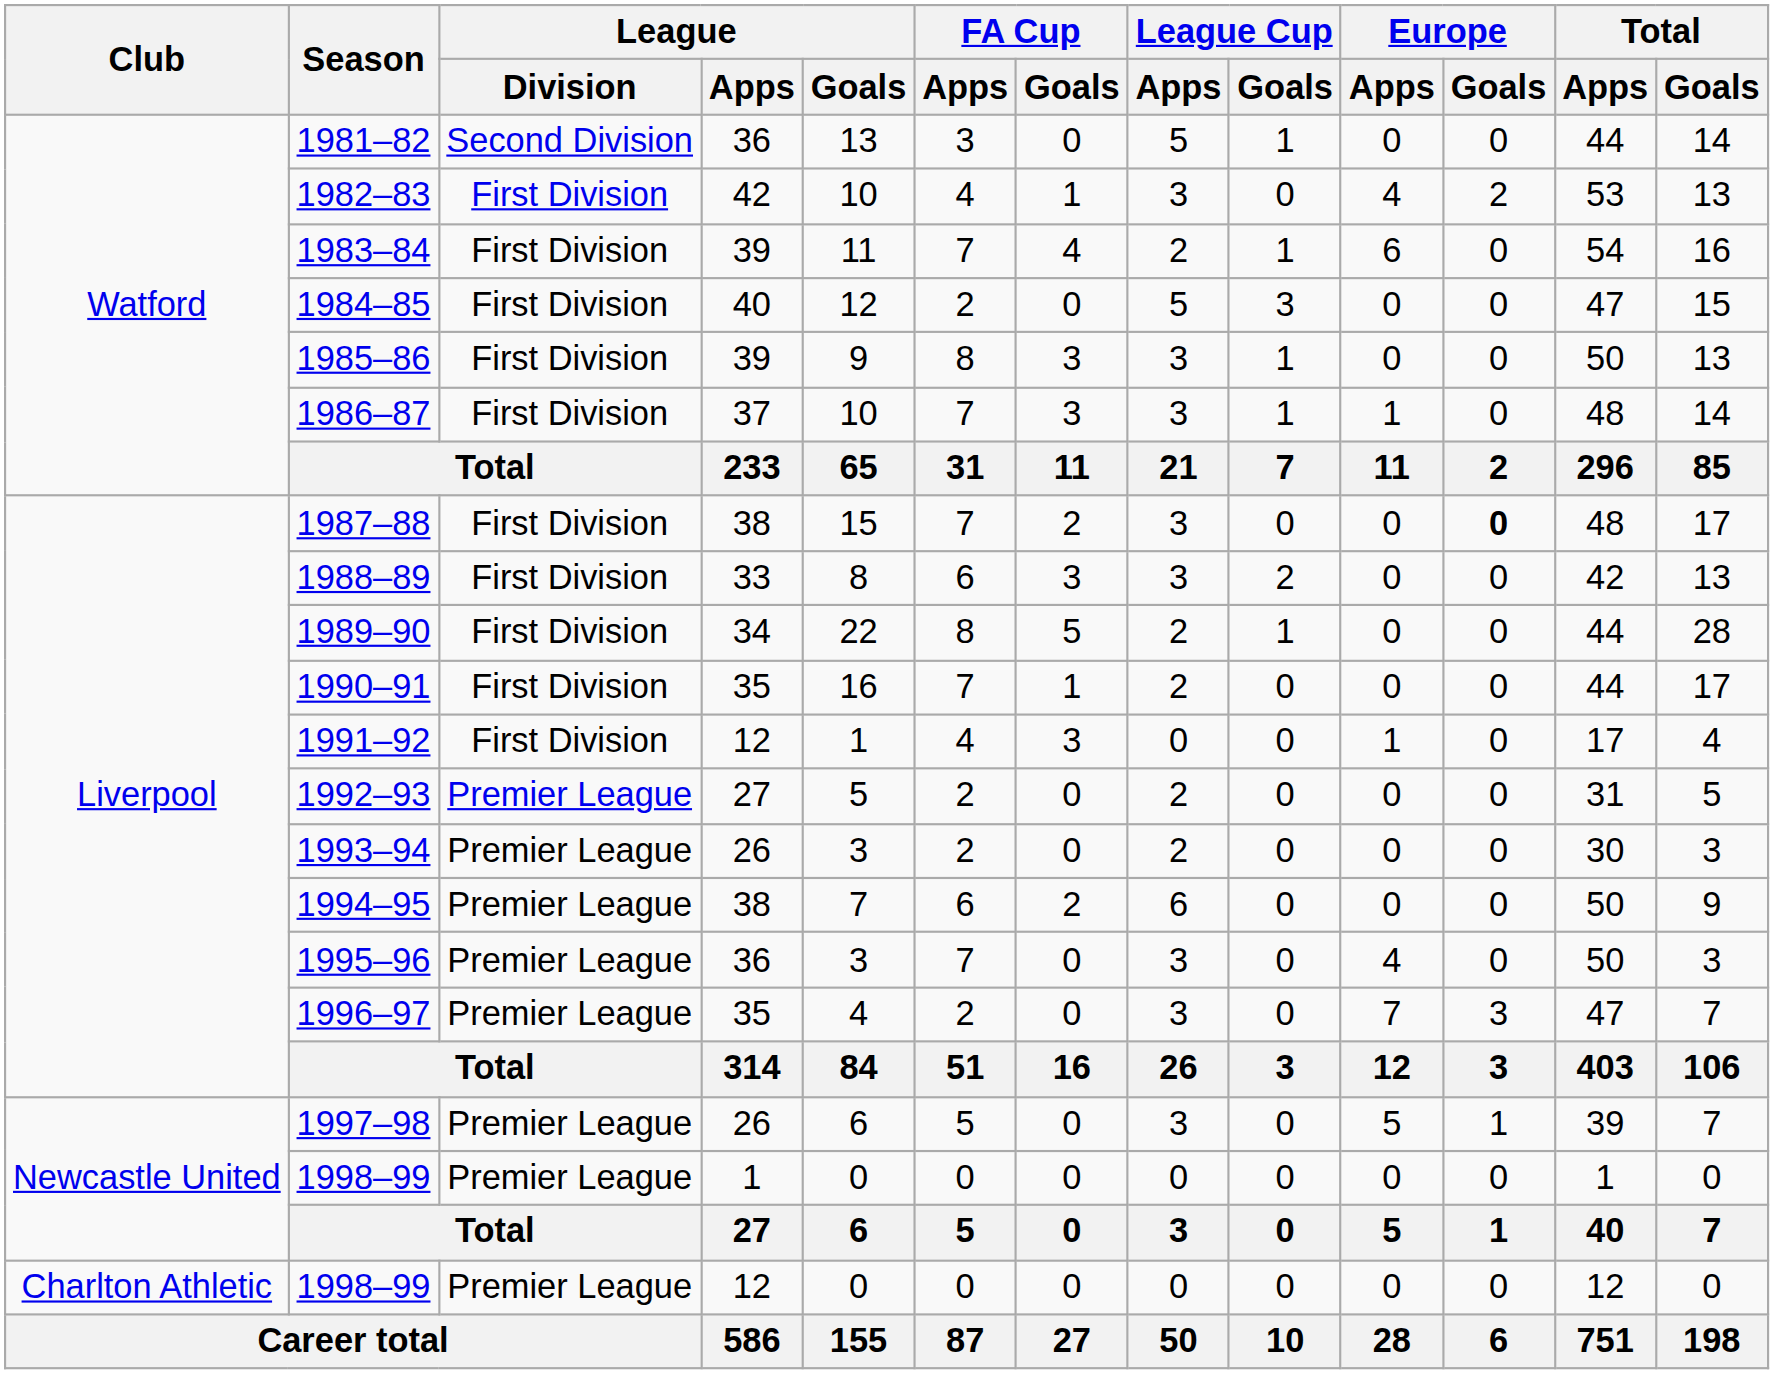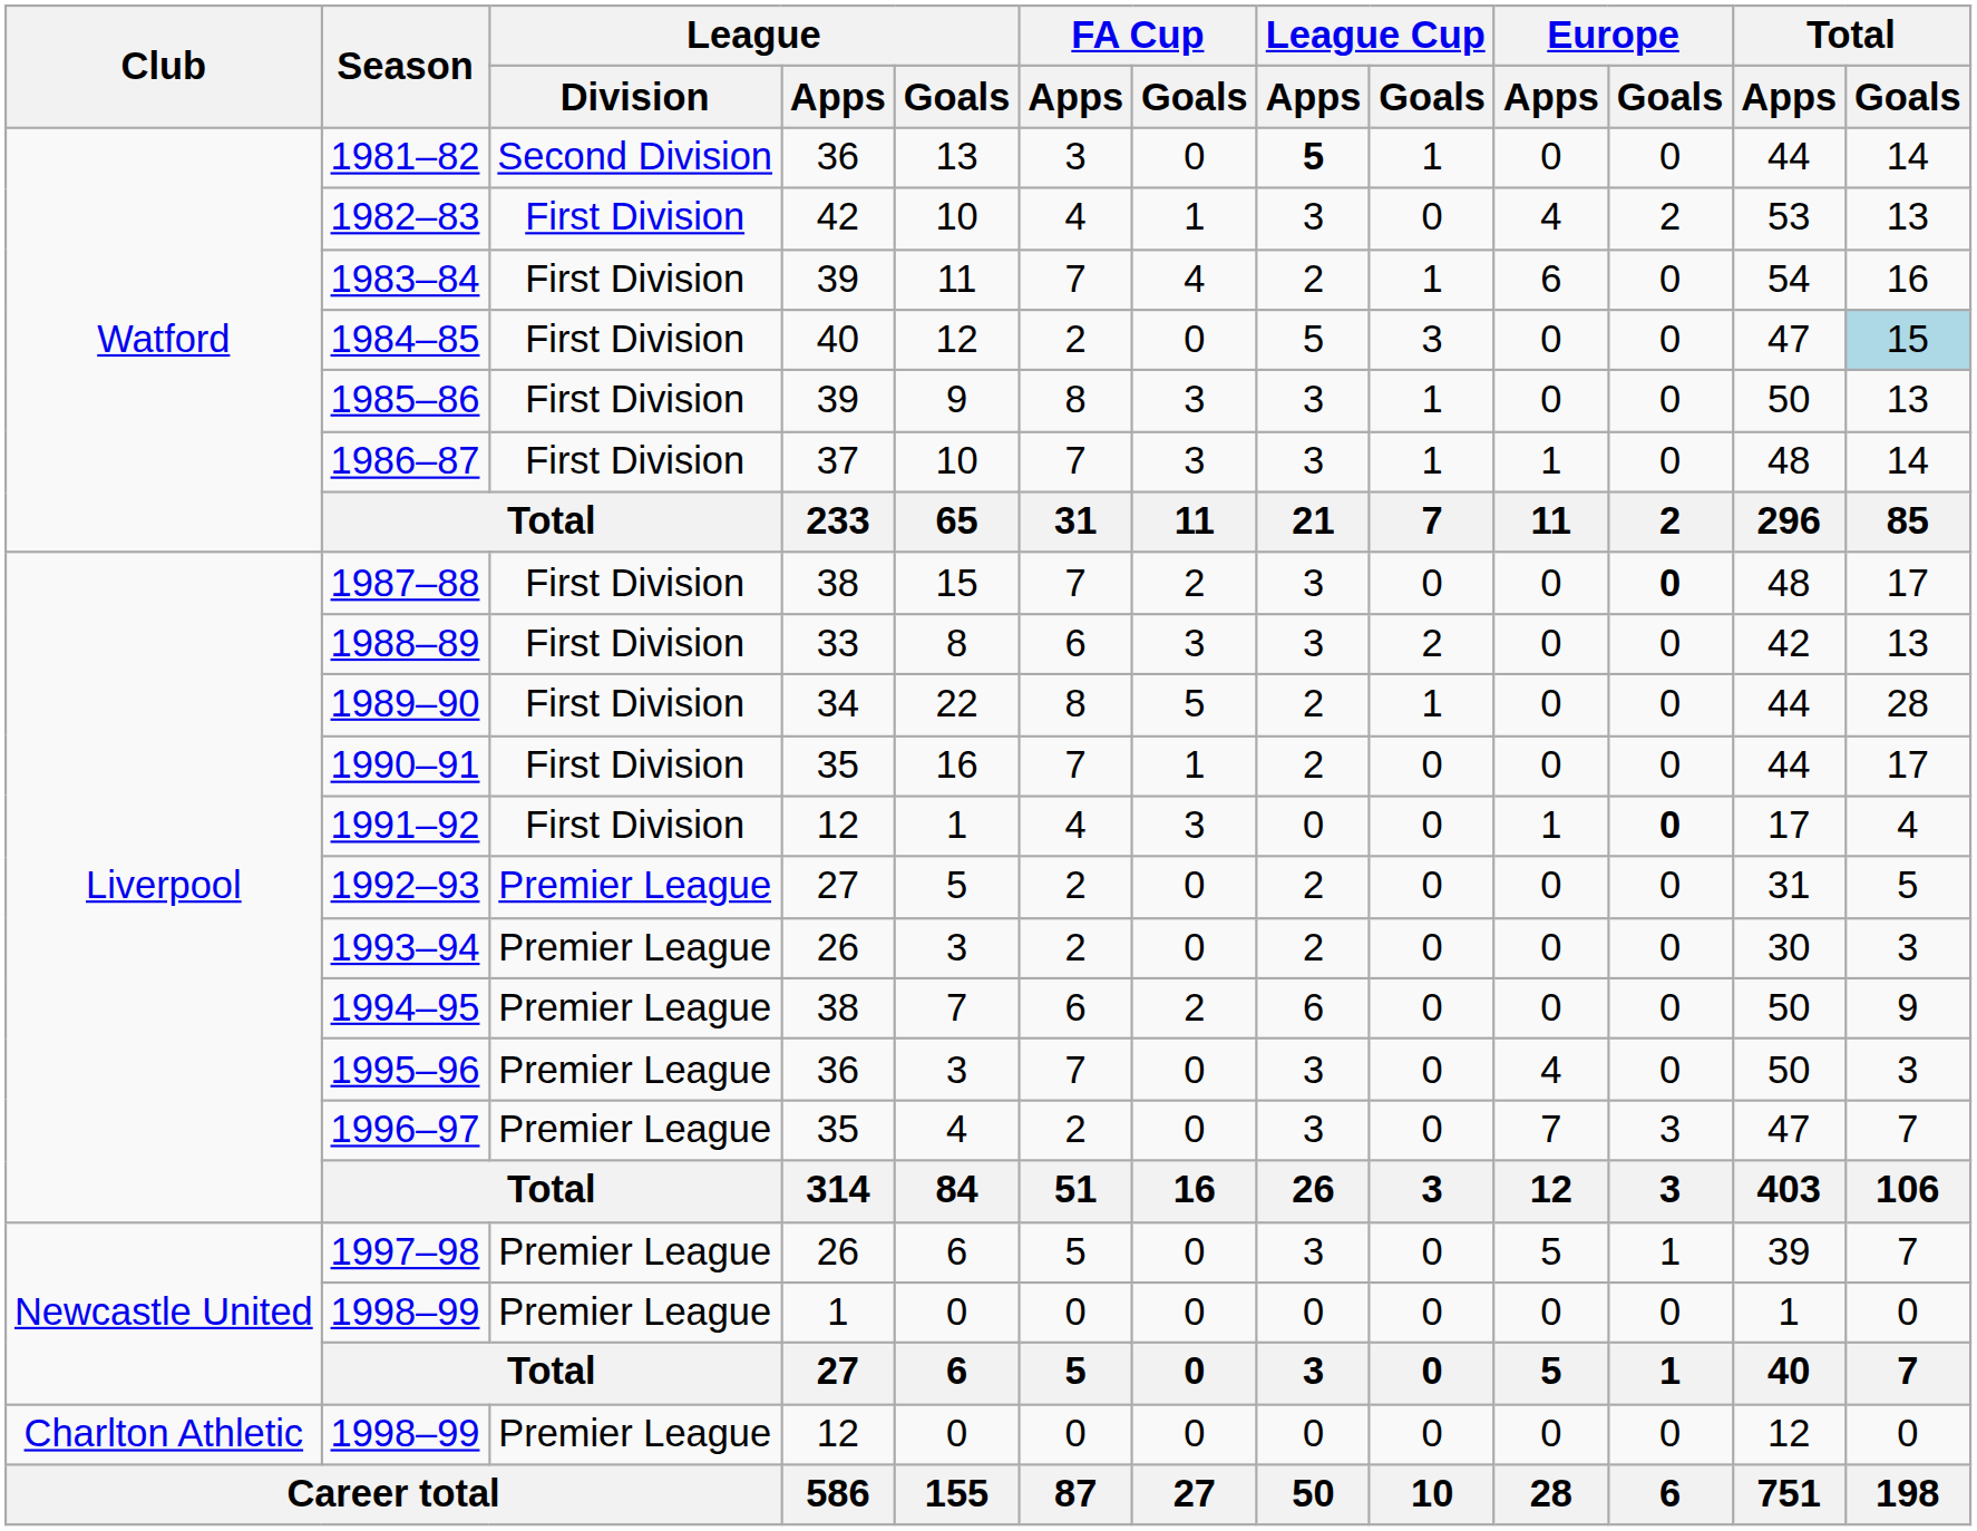 <table class="wikitable" style="text-align:center">
 <tr>
 <th rowspan="2">Club</th>
 <th rowspan="2">Season</th>
 <th colspan="3">League</th>
 <th colspan="2"><a href='#'>FA Cup</a></th>
 <th colspan="2"><a href='#'>League Cup</a></th>
 <th colspan="2"><a href='#'>Europe</a></th>
 <th colspan="2">Total</th>
 </tr>
 <tr>
 <th>Division</th>
 <th>Apps</th>
 <th>Goals</th>
 <th>Apps</th>
 <th>Goals</th>
 <th>Apps</th>
 <th>Goals</th>
 <th>Apps</th>
 <th>Goals</th>
 <th>Apps</th>
 <th>Goals</th>
 </tr>
 <tr>
 <td rowspan="7"><a href='#'>Watford</a></td>
 <td><a href='#'>1981–82</a></td>
 <td><a href='#'>Second Division</a></td>
 <td>36</td>
 <td>13</td>
 <td>3</td>
 <td>0</td>
-<td>5</td>
+<td><strong>5</strong></td>
 <td>1</td>
 <td>0</td>
 <td>0</td>
 <td>44</td>
 <td>14</td>
 </tr>
 <tr>
 <td><a href='#'>1982–83</a></td>
 <td><a href='#'>First Division</a></td>
 <td>42</td>
 <td>10</td>
 <td>4</td>
 <td>1</td>
 <td>3</td>
 <td>0</td>
 <td>4</td>
 <td>2</td>
 <td>53</td>
 <td>13</td>
 </tr>
 <tr>
 <td><a href='#'>1983–84</a></td>
 <td>First Division</td>
 <td>39</td>
 <td>11</td>
 <td>7</td>
 <td>4</td>
 <td>2</td>
 <td>1</td>
 <td>6</td>
 <td>0</td>
 <td>54</td>
 <td>16</td>
 </tr>
 <tr>
 <td><a href='#'>1984–85</a></td>
 <td>First Division</td>
 <td>40</td>
 <td>12</td>
 <td>2</td>
 <td>0</td>
 <td>5</td>
 <td>3</td>
 <td>0</td>
 <td>0</td>
 <td>47</td>
-<td>15</td>
+<td style="background: lightblue;">15</td>
 </tr>
 <tr>
 <td><a href='#'>1985–86</a></td>
 <td>First Division</td>
 <td>39</td>
 <td>9</td>
 <td>8</td>
 <td>3</td>
 <td>3</td>
 <td>1</td>
 <td>0</td>
 <td>0</td>
 <td>50</td>
 <td>13</td>
 </tr>
 <tr>
 <td><a href='#'>1986–87</a></td>
 <td>First Division</td>
 <td>37</td>
 <td>10</td>
 <td>7</td>
 <td>3</td>
 <td>3</td>
 <td>1</td>
 <td>1</td>
 <td>0</td>
 <td>48</td>
 <td>14</td>
 </tr>
 <tr>
 <th colspan="2">Total</th>
 <th>233</th>
 <th>65</th>
 <th>31</th>
 <th>11</th>
 <th>21</th>
 <th>7</th>
 <th>11</th>
 <th>2</th>
 <th>296</th>
 <th>85</th>
 </tr>
 <tr>
 <td rowspan="11"><a href='#'>Liverpool</a></td>
 <td><a href='#'>1987–88</a></td>
 <td>First Division</td>
 <td>38</td>
 <td>15</td>
 <td>7</td>
 <td>2</td>
 <td>3</td>
 <td>0</td>
 <td>0</td>
 <td><strong>0</strong></td>
 <td>48</td>
 <td>17</td>
 </tr>
 <tr>
 <td><a href='#'>1988–89</a></td>
 <td>First Division</td>
 <td>33</td>
 <td>8</td>
 <td>6</td>
 <td>3</td>
 <td>3</td>
 <td>2</td>
 <td>0</td>
 <td>0</td>
 <td>42</td>
 <td>13</td>
 </tr>
 <tr>
 <td><a href='#'>1989–90</a></td>
 <td>First Division</td>
 <td>34</td>
 <td>22</td>
 <td>8</td>
 <td>5</td>
 <td>2</td>
 <td>1</td>
 <td>0</td>
 <td>0</td>
 <td>44</td>
 <td>28</td>
 </tr>
 <tr>
 <td><a href='#'>1990–91</a></td>
 <td>First Division</td>
 <td>35</td>
 <td>16</td>
 <td>7</td>
 <td>1</td>
 <td>2</td>
 <td>0</td>
 <td>0</td>
 <td>0</td>
 <td>44</td>
 <td>17</td>
 </tr>
 <tr>
 <td><a href='#'>1991–92</a></td>
 <td>First Division</td>
 <td>12</td>
 <td>1</td>
 <td>4</td>
 <td>3</td>
 <td>0</td>
 <td>0</td>
 <td>1</td>
-<td>0</td>
+<td><strong>0</strong></td>
 <td>17</td>
 <td>4</td>
 </tr>
 <tr>
 <td><a href='#'>1992–93</a></td>
 <td><a href='#'>Premier League</a></td>
 <td>27</td>
 <td>5</td>
 <td>2</td>
 <td>0</td>
 <td>2</td>
 <td>0</td>
 <td>0</td>
 <td>0</td>
 <td>31</td>
 <td>5</td>
 </tr>
 <tr>
 <td><a href='#'>1993–94</a></td>
 <td>Premier League</td>
 <td>26</td>
 <td>3</td>
 <td>2</td>
 <td>0</td>
 <td>2</td>
 <td>0</td>
 <td>0</td>
 <td>0</td>
 <td>30</td>
 <td>3</td>
 </tr>
 <tr>
 <td><a href='#'>1994–95</a></td>
 <td>Premier League</td>
 <td>38</td>
 <td>7</td>
 <td>6</td>
 <td>2</td>
 <td>6</td>
 <td>0</td>
 <td>0</td>
 <td>0</td>
 <td>50</td>
 <td>9</td>
 </tr>
 <tr>
 <td><a href='#'>1995–96</a></td>
 <td>Premier League</td>
 <td>36</td>
 <td>3</td>
 <td>7</td>
 <td>0</td>
 <td>3</td>
 <td>0</td>
 <td>4</td>
 <td>0</td>
 <td>50</td>
 <td>3</td>
 </tr>
 <tr>
 <td><a href='#'>1996–97</a></td>
 <td>Premier League</td>
 <td>35</td>
 <td>4</td>
 <td>2</td>
 <td>0</td>
 <td>3</td>
 <td>0</td>
 <td>7</td>
 <td>3</td>
 <td>47</td>
 <td>7</td>
 </tr>
 <tr>
 <th colspan="2">Total</th>
 <th>314</th>
 <th>84</th>
 <th>51</th>
 <th>16</th>
 <th>26</th>
 <th>3</th>
 <th>12</th>
 <th>3</th>
 <th>403</th>
 <th>106</th>
 </tr>
 <tr>
 <td rowspan="3"><a href='#'>Newcastle United</a></td>
 <td><a href='#'>1997–98</a></td>
 <td>Premier League</td>
 <td>26</td>
 <td>6</td>
 <td>5</td>
 <td>0</td>
 <td>3</td>
 <td>0</td>
 <td>5</td>
 <td>1</td>
 <td>39</td>
 <td>7</td>
 </tr>
 <tr>
 <td><a href='#'>1998–99</a></td>
 <td>Premier League</td>
 <td>1</td>
 <td>0</td>
 <td>0</td>
 <td>0</td>
 <td>0</td>
 <td>0</td>
 <td>0</td>
 <td>0</td>
 <td>1</td>
 <td>0</td>
 </tr>
 <tr>
 <th colspan="2">Total</th>
 <th>27</th>
 <th>6</th>
 <th>5</th>
 <th>0</th>
 <th>3</th>
 <th>0</th>
 <th>5</th>
 <th>1</th>
 <th>40</th>
 <th>7</th>
 </tr>
 <tr>
 <td><a href='#'>Charlton Athletic</a></td>
 <td><a href='#'>1998–99</a></td>
 <td>Premier League</td>
 <td>12</td>
 <td>0</td>
 <td>0</td>
 <td>0</td>
 <td>0</td>
 <td>0</td>
 <td>0</td>
 <td>0</td>
 <td>12</td>
 <td>0</td>
 </tr>
 <tr>
 <th colspan="3">Career total</th>
 <th>586</th>
 <th>155</th>
 <th>87</th>
 <th>27</th>
 <th>50</th>
 <th>10</th>
 <th>28</th>
 <th>6</th>
 <th>751</th>
 <th>198</th>
 </tr>
 </table>
